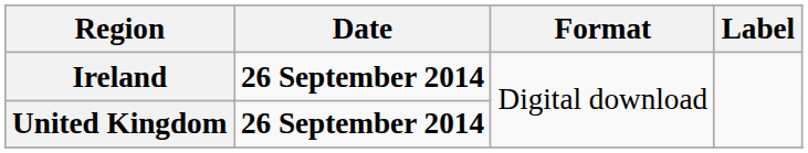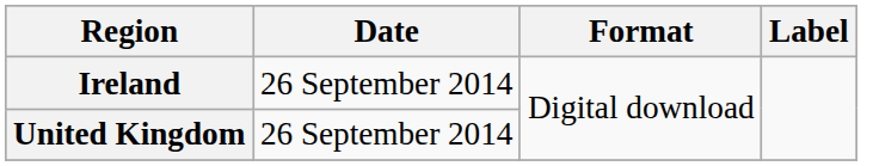 <table class="wikitable sortable plainrowheaders">
 <tr>
 <th>Region</th>
 <th>Date</th>
 <th>Format</th>
 <th>Label</th>
 </tr>
 <tr>
 <th scope="row">Ireland</th>
-<td><strong>26 September 2014</strong></td>
+<td>26 September 2014</td>
 <td rowspan="2">Digital download</td>
 <td rowspan="2"></td>
 </tr>
 <tr>
 <th scope="row">United Kingdom</th>
-<td><strong>26 September 2014</strong></td>
+<td>26 September 2014</td>
 </tr>
 </table>
